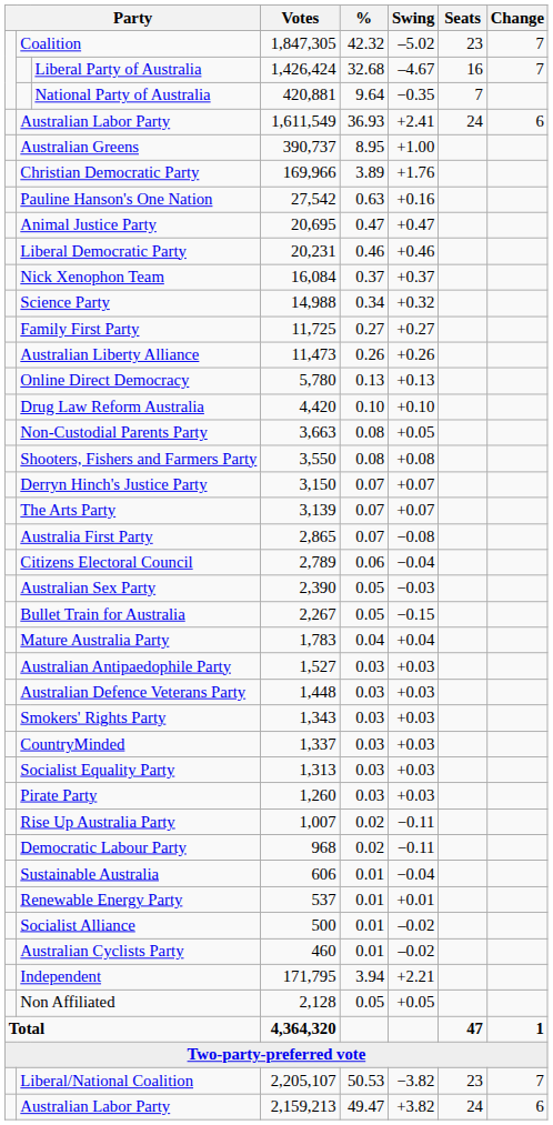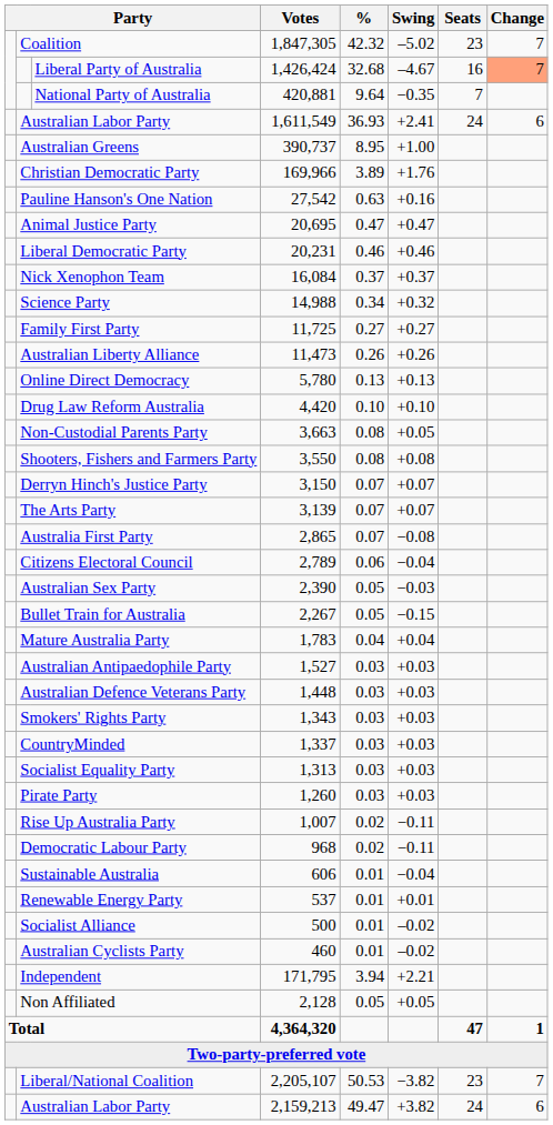 <table class="wikitable">
 <tr>
 <th style="width:200px" colspan=3><strong>Party</strong></th>
 <th style="width:70px; text-align:center;"><strong>Votes</strong></th>
 <th style="width:40px; text-align:center;"><strong>%</strong></th>
 <th style="width:40px; text-align:center;"><strong>Swing</strong></th>
 <th style="width:40px; text-align:center;"><strong>Seats</strong></th>
 <th style="width:40px; text-align:center;"><strong>Change</strong></th>
 </tr>
 <tr>
 <td rowspan=3> </td>
 <td colspan=2><a href='#'>Coalition</a></td>
 <td align=right>1,847,305</td>
 <td align=right>42.32</td>
 <td align=right>–5.02</td>
 <td align=right>23</td>
 <td align=right> 7</td>
 </tr>
 <tr>
 <td> </td>
 <td><a href='#'>Liberal Party of Australia</a></td>
 <td align=right>1,426,424</td>
 <td align=right>32.68</td>
 <td align=right>–4.67</td>
 <td align=right>16</td>
-<td align=right> 7</td>
+<td align=right style="background: lightsalmon;"> 7</td>
 </tr>
 <tr>
 <td> </td>
 <td><a href='#'>National Party of Australia</a></td>
 <td align=right>420,881</td>
 <td align=right>9.64</td>
 <td align=right>−0.35</td>
 <td align=right>7</td>
 <td align=right></td>
 </tr>
 <tr>
 <td> </td>
 <td colspan=2><a href='#'>Australian Labor Party</a></td>
 <td align=right>1,611,549</td>
 <td align=right>36.93</td>
 <td align=right>+2.41</td>
 <td align=right>24</td>
 <td align=right> 6</td>
 </tr>
 <tr>
 <td> </td>
 <td colspan=2><a href='#'>Australian Greens</a></td>
 <td align=right>390,737</td>
 <td align=right>8.95</td>
 <td align=right>+1.00</td>
 <td align=right></td>
 <td align=right></td>
 </tr>
 <tr>
 <td> </td>
 <td colspan=2><a href='#'>Christian Democratic Party</a></td>
 <td align=right>169,966</td>
 <td align=right>3.89</td>
 <td align=right>+1.76</td>
 <td align=right></td>
 <td align=right></td>
 </tr>
 <tr>
 <td> </td>
 <td colspan=2><a href='#'>Pauline Hanson's One Nation</a></td>
 <td align=right>27,542</td>
 <td align=right>0.63</td>
 <td align=right>+0.16</td>
 <td align=right></td>
 <td align=right></td>
 </tr>
 <tr>
 <td> </td>
 <td colspan=2><a href='#'>Animal Justice Party</a></td>
 <td align=right>20,695</td>
 <td align=right>0.47</td>
 <td align=right>+0.47</td>
 <td align=right></td>
 <td align=right></td>
 </tr>
 <tr>
 <td> </td>
 <td colspan=2><a href='#'>Liberal Democratic Party</a></td>
 <td align=right>20,231</td>
 <td align=right>0.46</td>
 <td align=right>+0.46</td>
 <td align=right></td>
 <td align=right></td>
 </tr>
 <tr>
 <td> </td>
 <td colspan=2><a href='#'>Nick Xenophon Team</a></td>
 <td align=right>16,084</td>
 <td align=right>0.37</td>
 <td align=right>+0.37</td>
 <td align=right></td>
 <td align=right></td>
 </tr>
 <tr>
 <td> </td>
 <td colspan=2><a href='#'>Science Party</a></td>
 <td align=right>14,988</td>
 <td align=right>0.34</td>
 <td align=right>+0.32</td>
 <td align=right></td>
 <td align=right></td>
 </tr>
 <tr>
 <td> </td>
 <td colspan=2><a href='#'>Family First Party</a></td>
 <td align=right>11,725</td>
 <td align=right>0.27</td>
 <td align=right>+0.27</td>
 <td align=right></td>
 <td align=right></td>
 </tr>
 <tr>
 <td> </td>
 <td colspan=2><a href='#'>Australian Liberty Alliance</a></td>
 <td align=right>11,473</td>
 <td align=right>0.26</td>
 <td align=right>+0.26</td>
 <td align=right></td>
 <td align=right></td>
 </tr>
 <tr>
 <td> </td>
 <td colspan=2><a href='#'>Online Direct Democracy</a></td>
 <td align=right>5,780</td>
 <td align=right>0.13</td>
 <td align=right>+0.13</td>
 <td align=right></td>
 <td align=right></td>
 </tr>
 <tr>
 <td> </td>
 <td colspan=2><a href='#'>Drug Law Reform Australia</a></td>
 <td align=right>4,420</td>
 <td align=right>0.10</td>
 <td align=right>+0.10</td>
 <td align=right></td>
 <td align=right></td>
 </tr>
 <tr>
 <td> </td>
 <td colspan=2><a href='#'>Non-Custodial Parents Party</a></td>
 <td align=right>3,663</td>
 <td align=right>0.08</td>
 <td align=right>+0.05</td>
 <td align=right></td>
 <td align=right></td>
 </tr>
 <tr>
 <td> </td>
 <td colspan=2><a href='#'>Shooters, Fishers and Farmers Party</a></td>
 <td align=right>3,550</td>
 <td align=right>0.08</td>
 <td align=right>+0.08</td>
 <td align=right></td>
 <td align=right></td>
 </tr>
 <tr>
 <td> </td>
 <td colspan=2><a href='#'>Derryn Hinch's Justice Party</a></td>
 <td align=right>3,150</td>
 <td align=right>0.07</td>
 <td align=right>+0.07</td>
 <td align=right></td>
 <td align=right></td>
 </tr>
 <tr>
 <td> </td>
 <td colspan=2><a href='#'>The Arts Party</a></td>
 <td align=right>3,139</td>
 <td align=right>0.07</td>
 <td align=right>+0.07</td>
 <td align=right></td>
 <td align=right></td>
 </tr>
 <tr>
 <td> </td>
 <td colspan=2><a href='#'>Australia First Party</a></td>
 <td align=right>2,865</td>
 <td align=right>0.07</td>
 <td align=right>−0.08</td>
 <td align=right></td>
 <td align=right></td>
 </tr>
 <tr>
 <td> </td>
 <td colspan=2><a href='#'>Citizens Electoral Council</a></td>
 <td align=right>2,789</td>
 <td align=right>0.06</td>
 <td align=right>−0.04</td>
 <td align=right></td>
 <td align=right></td>
 </tr>
 <tr>
 <td> </td>
 <td colspan=2><a href='#'>Australian Sex Party</a></td>
 <td align=right>2,390</td>
 <td align=right>0.05</td>
 <td align=right>−0.03</td>
 <td align=right></td>
 <td align=right></td>
 </tr>
 <tr>
 <td> </td>
 <td colspan=2><a href='#'>Bullet Train for Australia</a></td>
 <td align=right>2,267</td>
 <td align=right>0.05</td>
 <td align=right>−0.15</td>
 <td align=right></td>
 <td align=right></td>
 </tr>
 <tr>
 <td> </td>
 <td colspan=2><a href='#'>Mature Australia Party</a></td>
 <td align=right>1,783</td>
 <td align=right>0.04</td>
 <td align=right>+0.04</td>
 <td align=right></td>
 <td align=right></td>
 </tr>
 <tr>
 <td> </td>
 <td colspan=2><a href='#'>Australian Antipaedophile Party</a></td>
 <td align=right>1,527</td>
 <td align=right>0.03</td>
 <td align=right>+0.03</td>
 <td align=right></td>
 <td align=right></td>
 </tr>
 <tr>
 <td> </td>
 <td colspan=2><a href='#'>Australian Defence Veterans Party</a></td>
 <td align=right>1,448</td>
 <td align=right>0.03</td>
 <td align=right>+0.03</td>
 <td align=right></td>
 <td align=right></td>
 </tr>
 <tr>
 <td> </td>
 <td colspan=2><a href='#'>Smokers' Rights Party</a></td>
 <td align=right>1,343</td>
 <td align=right>0.03</td>
 <td align=right>+0.03</td>
 <td align=right></td>
 <td align=right></td>
 </tr>
 <tr>
 <td> </td>
 <td colspan=2><a href='#'>CountryMinded</a></td>
 <td align=right>1,337</td>
 <td align=right>0.03</td>
 <td align=right>+0.03</td>
 <td align=right></td>
 <td align=right></td>
 </tr>
 <tr>
 <td> </td>
 <td colspan=2><a href='#'>Socialist Equality Party</a></td>
 <td align=right>1,313</td>
 <td align=right>0.03</td>
 <td align=right>+0.03</td>
 <td align=right></td>
 <td align=right></td>
 </tr>
 <tr>
 <td> </td>
 <td colspan=2><a href='#'>Pirate Party</a></td>
 <td align=right>1,260</td>
 <td align=right>0.03</td>
 <td align=right>+0.03</td>
 <td align=right></td>
 <td align=right></td>
 </tr>
 <tr>
 <td> </td>
 <td colspan=2><a href='#'>Rise Up Australia Party</a></td>
 <td align=right>1,007</td>
 <td align=right>0.02</td>
 <td align=right>−0.11</td>
 <td align=right></td>
 <td align=right></td>
 </tr>
 <tr>
 <td> </td>
 <td colspan=2><a href='#'>Democratic Labour Party</a></td>
 <td align=right>968</td>
 <td align=right>0.02</td>
 <td align=right>−0.11</td>
 <td align=right></td>
 <td align=right></td>
 </tr>
 <tr>
 <td> </td>
 <td colspan=2><a href='#'>Sustainable Australia</a></td>
 <td align=right>606</td>
 <td align=right>0.01</td>
 <td align=right>−0.04</td>
 <td align=right></td>
 <td align=right></td>
 </tr>
 <tr>
 <td> </td>
 <td colspan=2><a href='#'>Renewable Energy Party</a></td>
 <td align=right>537</td>
 <td align=right>0.01</td>
 <td align=right>+0.01</td>
 <td align=right></td>
 <td align=right></td>
 </tr>
 <tr>
 <td> </td>
 <td colspan=2><a href='#'>Socialist Alliance</a></td>
 <td align=right>500</td>
 <td align=right>0.01</td>
 <td align=right>–0.02</td>
 <td align=right></td>
 <td align=right></td>
 </tr>
 <tr>
 <td> </td>
 <td colspan=2><a href='#'>Australian Cyclists Party</a></td>
 <td align=right>460</td>
 <td align=right>0.01</td>
 <td align=right>–0.02</td>
 <td align=right></td>
 <td align=right></td>
 </tr>
 <tr>
 <td> </td>
 <td colspan=2><a href='#'>Independent</a></td>
 <td align=right>171,795</td>
 <td align=right>3.94</td>
 <td align=right>+2.21</td>
 <td align=right></td>
 <td align=right></td>
 </tr>
 <tr>
 <td> </td>
 <td colspan=2>Non Affiliated</td>
 <td align=right>2,128</td>
 <td align=right>0.05</td>
 <td align=right>+0.05</td>
 <td align=right></td>
 <td align=right></td>
 </tr>
 <tr>
 <td colspan="3"><strong>Total</strong></td>
 <td align="right"><strong>4,364,320</strong></td>
 <td align="right"><strong> </strong></td>
 <td align="right"><strong> </strong></td>
 <td align=right><strong>47</strong></td>
 <td align=right><strong> 1</strong></td>
 </tr>
 <tr>
 <td colspan="8" style="text-align:center; background:#eee;"><strong><a href='#'>Two-party-preferred vote</a></strong></td>
 </tr>
 <tr>
 <td> </td>
 <td colspan=2><a href='#'>Liberal/National Coalition</a></td>
 <td align=right>2,205,107</td>
 <td align=right>50.53</td>
 <td align=right>−3.82</td>
 <td align=right>23</td>
 <td align=right> 7</td>
 </tr>
 <tr>
 <td> </td>
 <td colspan=2><a href='#'>Australian Labor Party</a></td>
 <td align=right>2,159,213</td>
 <td align=right>49.47</td>
 <td align=right>+3.82</td>
 <td align=right>24</td>
 <td align=right> 6</td>
 </tr>
 </table>
